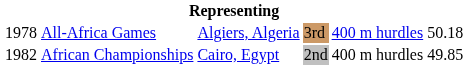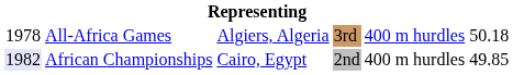 <table>
 <tr>
 <th colspan="6">Representing </th>
 </tr>
 <tr>
 <td>1978</td>
 <td><a href='#'>All-Africa Games</a></td>
 <td><a href='#'>Algiers, Algeria</a></td>
 <td bgcolor=cc9966>3rd</td>
 <td><a href='#'>400 m hurdles</a></td>
 <td>50.18</td>
 </tr>
 <tr>
-<td>1982</td>
+<td style="background: lavender;">1982</td>
 <td><a href='#'>African Championships</a></td>
 <td><a href='#'>Cairo, Egypt</a></td>
 <td bgcolor=silver>2nd</td>
 <td>400 m hurdles</td>
 <td>49.85</td>
 </tr>
 </table>
